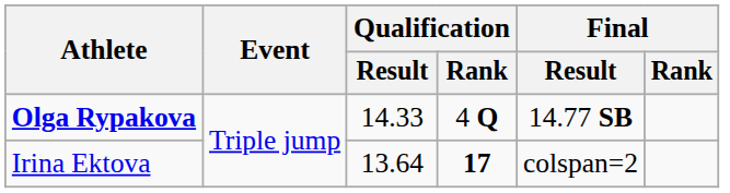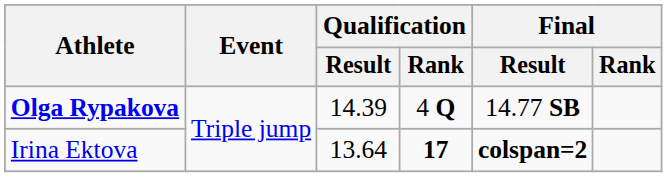 <table class="wikitable" style="font-size:90%">
 <tr>
 <th rowspan="2">Athlete</th>
 <th rowspan="2">Event</th>
 <th colspan="2">Qualification</th>
 <th colspan="2">Final</th>
 </tr>
 <tr style="font-size:95%">
 <th>Result</th>
 <th>Rank</th>
 <th>Result</th>
 <th>Rank</th>
 </tr>
 <tr style=text-align:center>
 <td style=text-align:left><strong><a href='#'>Olga Rypakova</a></strong></td>
 <td style=text-align:left rowspan=2><a href='#'>Triple jump</a></td>
-<td>14.33</td>
+<td>14.39</td>
 <td>4 <strong>Q</strong></td>
 <td>14.77 <strong>SB</strong></td>
 <td></td>
 </tr>
 <tr style=text-align:center>
 <td style=text-align:left><a href='#'>Irina Ektova</a></td>
 <td>13.64</td>
 <td><strong>17</strong></td>
-<td>colspan=2 </td>
+<td><strong>colspan=2 </strong></td>
 </tr>
 </table>
